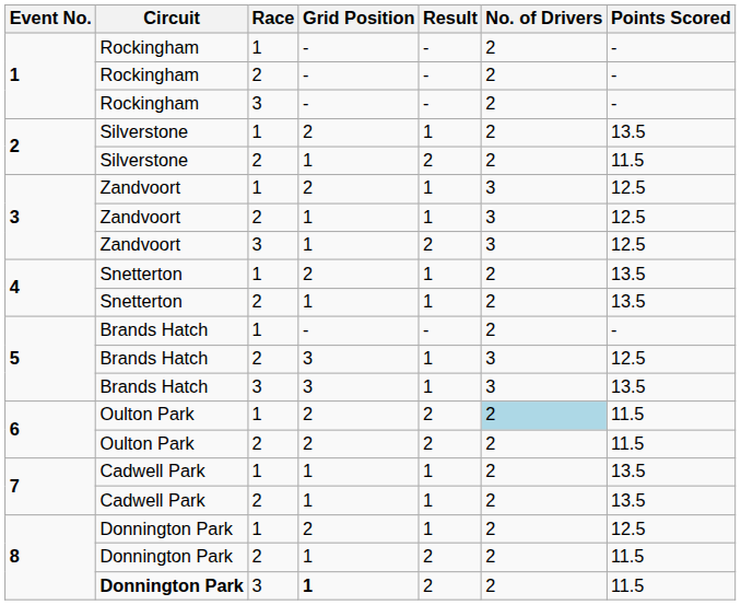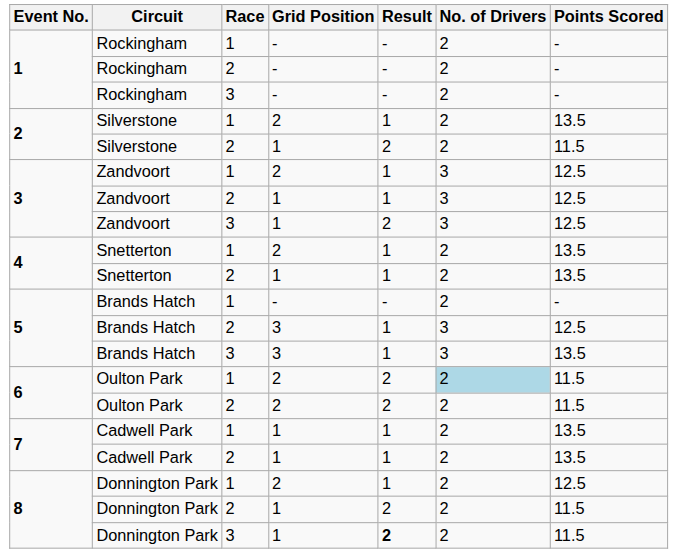 <table class="wikitable" style="margin: 1em auto 1em auto;">
 <tr>
 <th>Event No.</th>
 <th>Circuit</th>
 <th>Race</th>
 <th>Grid Position</th>
 <th>Result</th>
 <th>No. of Drivers</th>
 <th>Points Scored</th>
 </tr>
 <tr>
 <td rowspan= "3"><strong>1</strong></td>
 <td>Rockingham</td>
 <td>1</td>
 <td>-</td>
 <td>-</td>
 <td>2</td>
 <td>-</td>
 </tr>
 <tr>
 <td>Rockingham</td>
 <td>2</td>
 <td>-</td>
 <td>-</td>
 <td>2</td>
 <td>-</td>
 </tr>
 <tr>
 <td>Rockingham</td>
 <td>3</td>
 <td>-</td>
 <td>-</td>
 <td>2</td>
 <td>-</td>
 </tr>
 <tr>
 <td rowspan= "2"><strong>2</strong></td>
 <td>Silverstone</td>
 <td>1</td>
 <td>2</td>
 <td>1</td>
 <td>2</td>
 <td>13.5</td>
 </tr>
 <tr>
 <td>Silverstone</td>
 <td>2</td>
 <td>1</td>
 <td>2</td>
 <td>2</td>
 <td>11.5</td>
 </tr>
 <tr>
 <td rowspan= "3"><strong>3</strong></td>
 <td>Zandvoort</td>
 <td>1</td>
 <td>2</td>
 <td>1</td>
 <td>3</td>
 <td>12.5</td>
 </tr>
 <tr>
 <td>Zandvoort</td>
 <td>2</td>
 <td>1</td>
 <td>1</td>
 <td>3</td>
 <td>12.5</td>
 </tr>
 <tr>
 <td>Zandvoort</td>
 <td>3</td>
 <td>1</td>
 <td>2</td>
 <td>3</td>
 <td>12.5</td>
 </tr>
 <tr>
 <td rowspan= "2"><strong>4</strong></td>
 <td>Snetterton</td>
 <td>1</td>
 <td>2</td>
 <td>1</td>
 <td>2</td>
 <td>13.5</td>
 </tr>
 <tr>
 <td>Snetterton</td>
 <td>2</td>
 <td>1</td>
 <td>1</td>
 <td>2</td>
 <td>13.5</td>
 </tr>
 <tr>
 <td rowspan= "3"><strong>5</strong></td>
 <td>Brands Hatch</td>
 <td>1</td>
 <td>-</td>
 <td>-</td>
 <td>2</td>
 <td>-</td>
 </tr>
 <tr>
 <td>Brands Hatch</td>
 <td>2</td>
 <td>3</td>
 <td>1</td>
 <td>3</td>
 <td>12.5</td>
 </tr>
 <tr>
 <td>Brands Hatch</td>
 <td>3</td>
 <td>3</td>
 <td>1</td>
 <td>3</td>
 <td>13.5</td>
 </tr>
 <tr>
 <td rowspan= "2"><strong>6</strong></td>
 <td>Oulton Park</td>
 <td>1</td>
 <td>2</td>
 <td>2</td>
 <td style="background: lightblue;">2</td>
 <td>11.5</td>
 </tr>
 <tr>
 <td>Oulton Park</td>
 <td>2</td>
 <td>2</td>
 <td>2</td>
 <td>2</td>
 <td>11.5</td>
 </tr>
 <tr>
 <td rowspan= "2"><strong>7</strong></td>
 <td>Cadwell Park</td>
 <td>1</td>
 <td>1</td>
 <td>1</td>
 <td>2</td>
 <td>13.5</td>
 </tr>
 <tr>
 <td>Cadwell Park</td>
 <td>2</td>
 <td>1</td>
 <td>1</td>
 <td>2</td>
 <td>13.5</td>
 </tr>
 <tr>
 <td rowspan= "3"><strong>8</strong></td>
 <td>Donnington Park</td>
 <td>1</td>
 <td>2</td>
 <td>1</td>
 <td>2</td>
 <td>12.5</td>
 </tr>
 <tr>
 <td>Donnington Park</td>
 <td>2</td>
 <td>1</td>
 <td>2</td>
 <td>2</td>
 <td>11.5</td>
 </tr>
 <tr>
-<td><strong>Donnington Park</strong></td>
+<td>Donnington Park</td>
 <td>3</td>
-<td><strong>1</strong></td>
-<td>2</td>
+<td>1</td>
+<td><strong>2</strong></td>
 <td>2</td>
 <td>11.5</td>
 </tr>
 </table>
